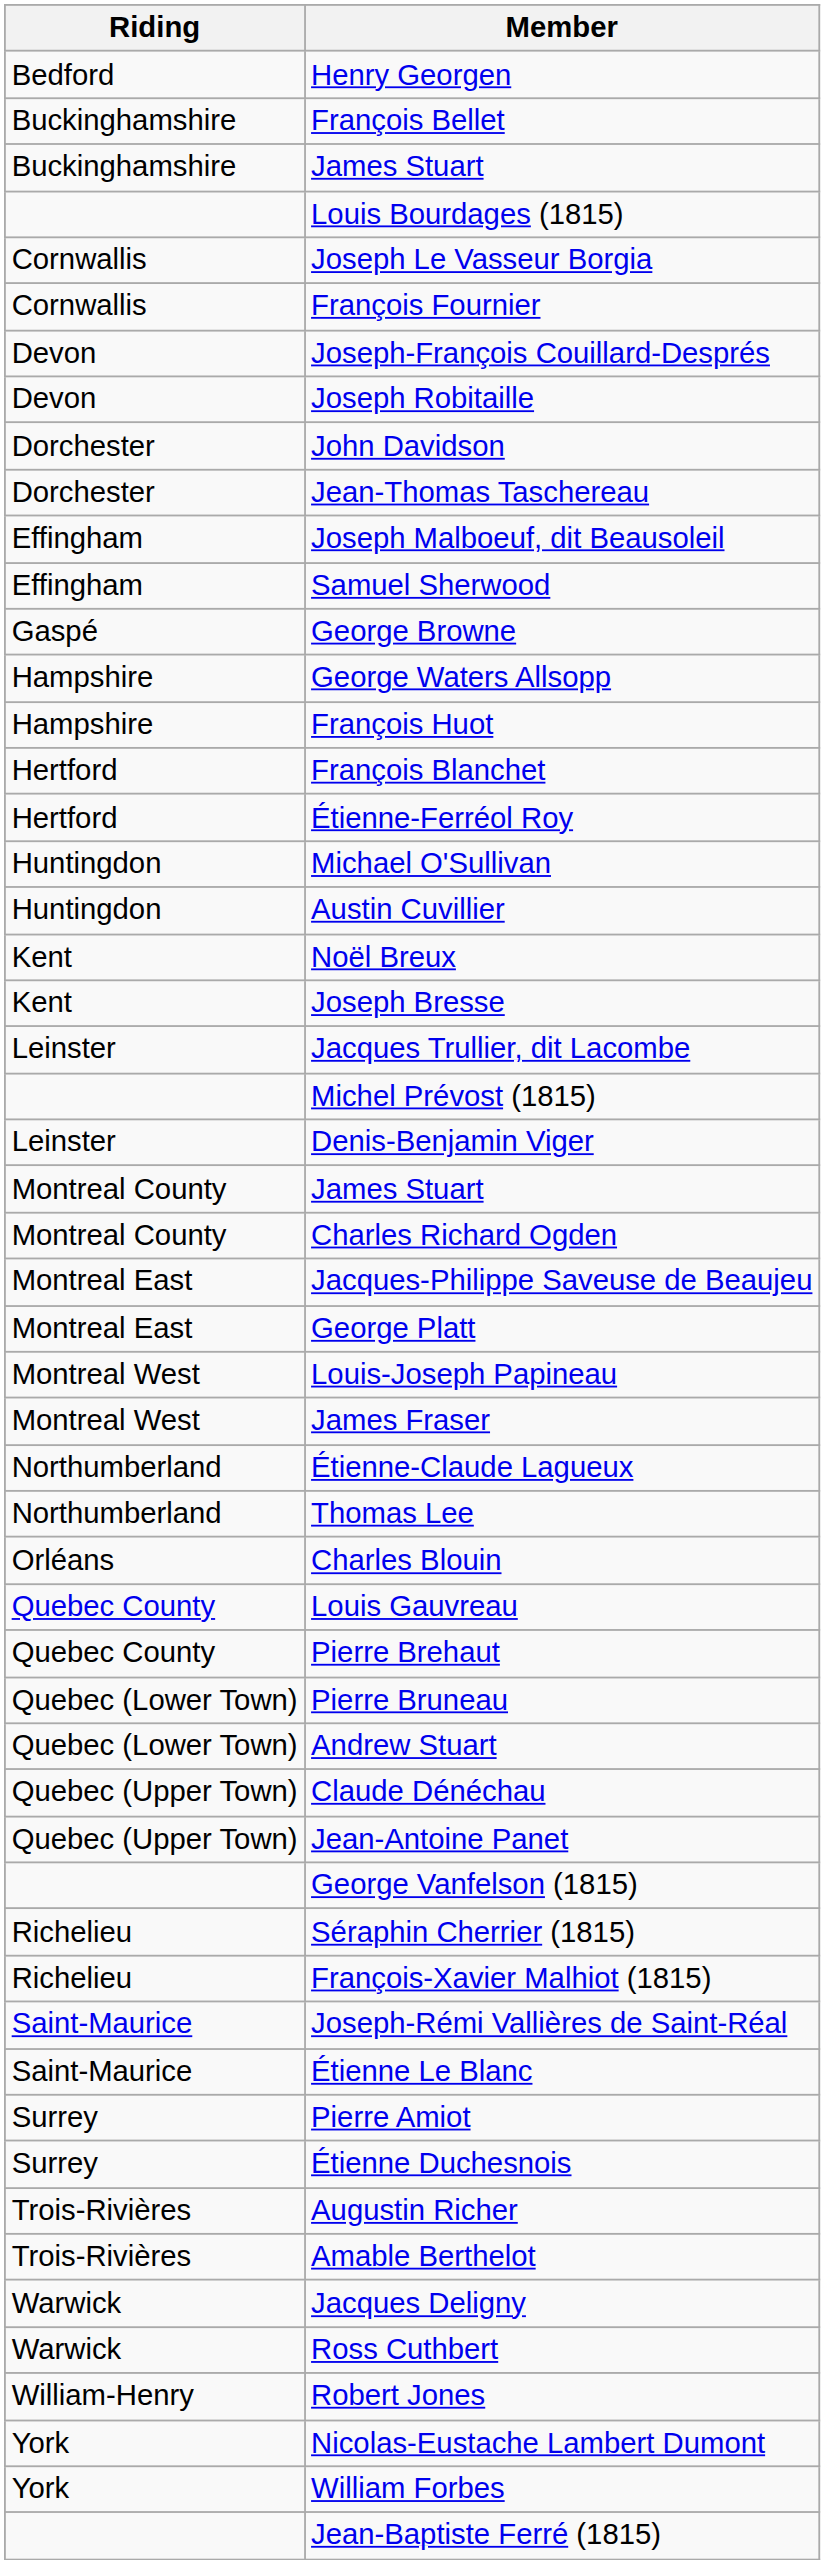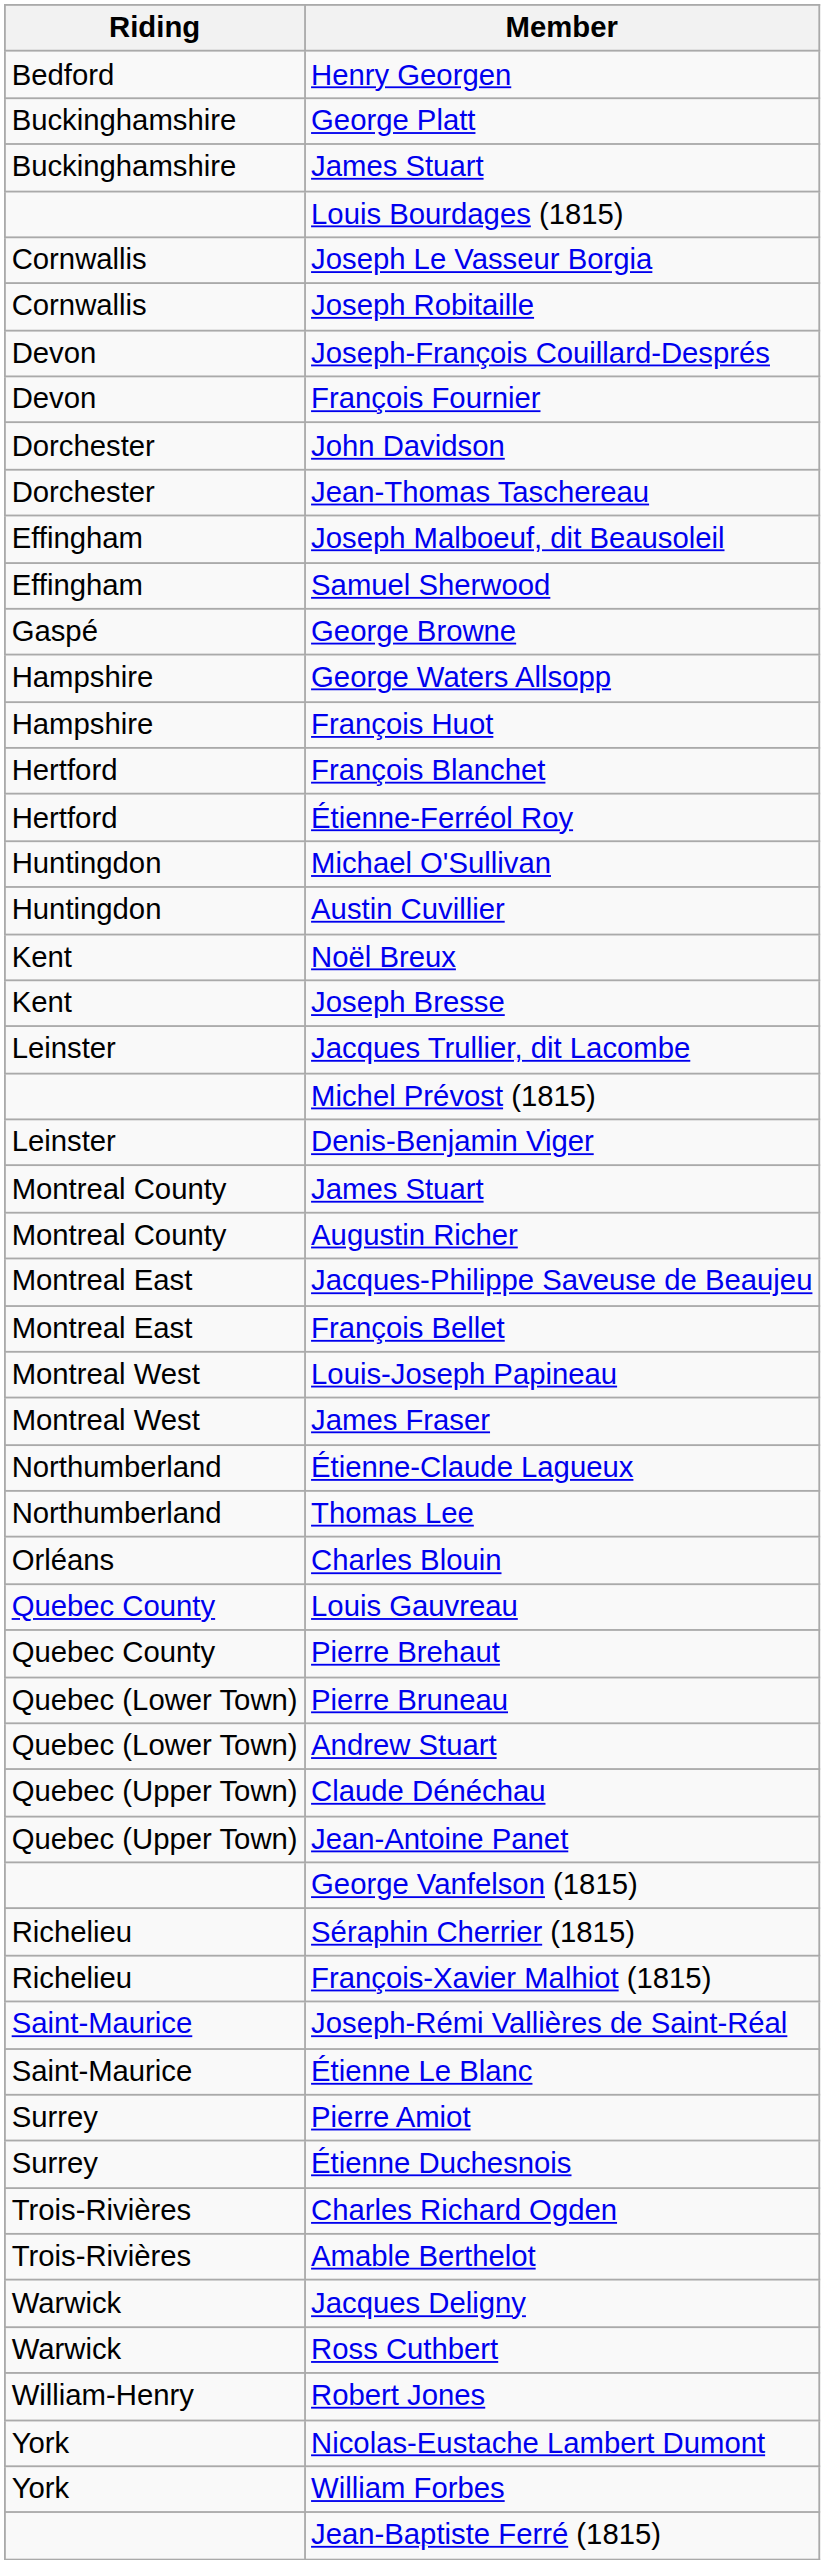 <table class="wikitable">
 <tr>
 <th>Riding</th>
 <th>Member</th>
 </tr>
 <tr>
 <td>Bedford</td>
 <td><a href='#'>Henry Georgen</a></td>
 </tr>
 <tr>
 <td>Buckinghamshire</td>
-<td><a href='#'>François Bellet</a></td>
+<td><a href='#'>George Platt</a></td>
 </tr>
 <tr>
 <td>Buckinghamshire</td>
 <td><a href='#'>James Stuart</a></td>
 </tr>
 <tr>
 <td></td>
 <td><a href='#'>Louis Bourdages</a> (1815)</td>
 </tr>
 <tr>
 <td>Cornwallis</td>
 <td><a href='#'>Joseph Le Vasseur Borgia</a></td>
 </tr>
 <tr>
 <td>Cornwallis</td>
-<td><a href='#'>François Fournier</a></td>
+<td><a href='#'>Joseph Robitaille</a></td>
 </tr>
 <tr>
 <td>Devon</td>
 <td><a href='#'>Joseph-François Couillard-Després</a></td>
 </tr>
 <tr>
 <td>Devon</td>
-<td><a href='#'>Joseph Robitaille</a></td>
+<td><a href='#'>François Fournier</a></td>
 </tr>
 <tr>
 <td>Dorchester</td>
 <td><a href='#'>John Davidson</a></td>
 </tr>
 <tr>
 <td>Dorchester</td>
 <td><a href='#'>Jean-Thomas Taschereau</a></td>
 </tr>
 <tr>
 <td>Effingham</td>
 <td><a href='#'>Joseph Malboeuf, dit Beausoleil</a></td>
 </tr>
 <tr>
 <td>Effingham</td>
 <td><a href='#'>Samuel Sherwood</a></td>
 </tr>
 <tr>
 <td>Gaspé</td>
 <td><a href='#'>George Browne</a></td>
 </tr>
 <tr>
 <td>Hampshire</td>
 <td><a href='#'>George Waters Allsopp</a></td>
 </tr>
 <tr>
 <td>Hampshire</td>
 <td><a href='#'>François Huot</a></td>
 </tr>
 <tr>
 <td>Hertford</td>
 <td><a href='#'>François Blanchet</a></td>
 </tr>
 <tr>
 <td>Hertford</td>
 <td><a href='#'>Étienne-Ferréol Roy</a></td>
 </tr>
 <tr>
 <td>Huntingdon</td>
 <td><a href='#'>Michael O'Sullivan</a></td>
 </tr>
 <tr>
 <td>Huntingdon</td>
 <td><a href='#'>Austin Cuvillier</a></td>
 </tr>
 <tr>
 <td>Kent</td>
 <td><a href='#'>Noël Breux</a></td>
 </tr>
 <tr>
 <td>Kent</td>
 <td><a href='#'>Joseph Bresse</a></td>
 </tr>
 <tr>
 <td>Leinster</td>
 <td><a href='#'>Jacques Trullier, dit Lacombe</a></td>
 </tr>
 <tr>
 <td></td>
 <td><a href='#'>Michel Prévost</a> (1815)</td>
 </tr>
 <tr>
 <td>Leinster</td>
 <td><a href='#'>Denis-Benjamin Viger</a></td>
 </tr>
 <tr>
 <td>Montreal County</td>
 <td><a href='#'>James Stuart</a></td>
 </tr>
 <tr>
 <td>Montreal County</td>
-<td><a href='#'>Charles Richard Ogden</a></td>
+<td><a href='#'>Augustin Richer</a></td>
 </tr>
 <tr>
 <td>Montreal East</td>
 <td><a href='#'>Jacques-Philippe Saveuse de Beaujeu</a></td>
 </tr>
 <tr>
 <td>Montreal East</td>
-<td><a href='#'>George Platt</a></td>
+<td><a href='#'>François Bellet</a></td>
 </tr>
 <tr>
 <td>Montreal West</td>
 <td><a href='#'>Louis-Joseph Papineau</a></td>
 </tr>
 <tr>
 <td>Montreal West</td>
 <td><a href='#'>James Fraser</a></td>
 </tr>
 <tr>
 <td>Northumberland</td>
 <td><a href='#'>Étienne-Claude Lagueux</a></td>
 </tr>
 <tr>
 <td>Northumberland</td>
 <td><a href='#'>Thomas Lee</a></td>
 </tr>
 <tr>
 <td>Orléans</td>
 <td><a href='#'>Charles Blouin</a></td>
 </tr>
 <tr>
 <td><a href='#'>Quebec County</a></td>
 <td><a href='#'>Louis Gauvreau</a></td>
 </tr>
 <tr>
 <td>Quebec County</td>
 <td><a href='#'>Pierre Brehaut</a></td>
 </tr>
 <tr>
 <td>Quebec (Lower Town)</td>
 <td><a href='#'>Pierre Bruneau</a></td>
 </tr>
 <tr>
 <td>Quebec (Lower Town)</td>
 <td><a href='#'>Andrew Stuart</a></td>
 </tr>
 <tr>
 <td>Quebec (Upper Town)</td>
 <td><a href='#'>Claude Dénéchau</a></td>
 </tr>
 <tr>
 <td>Quebec (Upper Town)</td>
 <td><a href='#'>Jean-Antoine Panet</a></td>
 </tr>
 <tr>
 <td></td>
 <td><a href='#'>George Vanfelson</a> (1815)</td>
 </tr>
 <tr>
 <td>Richelieu</td>
 <td><a href='#'>Séraphin Cherrier</a> (1815) </td>
 </tr>
 <tr>
 <td>Richelieu</td>
 <td><a href='#'>François-Xavier Malhiot</a> (1815)</td>
 </tr>
 <tr>
 <td><a href='#'>Saint-Maurice</a></td>
 <td><a href='#'>Joseph-Rémi Vallières de Saint-Réal</a></td>
 </tr>
 <tr>
 <td>Saint-Maurice</td>
 <td><a href='#'>Étienne Le Blanc</a></td>
 </tr>
 <tr>
 <td>Surrey</td>
 <td><a href='#'>Pierre Amiot</a></td>
 </tr>
 <tr>
 <td>Surrey</td>
 <td><a href='#'>Étienne Duchesnois</a></td>
 </tr>
 <tr>
 <td>Trois-Rivières</td>
-<td><a href='#'>Augustin Richer</a></td>
+<td><a href='#'>Charles Richard Ogden</a></td>
 </tr>
 <tr>
 <td>Trois-Rivières</td>
 <td><a href='#'>Amable Berthelot</a></td>
 </tr>
 <tr>
 <td>Warwick</td>
 <td><a href='#'>Jacques Deligny</a></td>
 </tr>
 <tr>
 <td>Warwick</td>
 <td><a href='#'>Ross Cuthbert</a></td>
 </tr>
 <tr>
 <td>William-Henry</td>
 <td><a href='#'>Robert Jones</a></td>
 </tr>
 <tr>
 <td>York</td>
 <td><a href='#'>Nicolas-Eustache Lambert Dumont</a></td>
 </tr>
 <tr>
 <td>York</td>
 <td><a href='#'>William Forbes</a></td>
 </tr>
 <tr>
 <td></td>
 <td><a href='#'>Jean-Baptiste Ferré</a> (1815)</td>
 </tr>
 </table>
